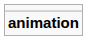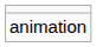 <table class="wikitable">
 <tr>
 <td></td>
 </tr>
 <tr>
-<td><strong>animation</strong></td>
+<td>animation</td>
 </tr>
 </table>
